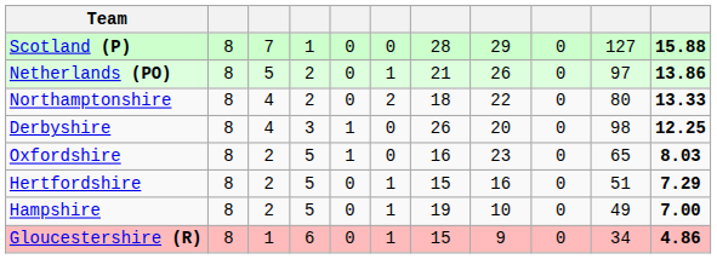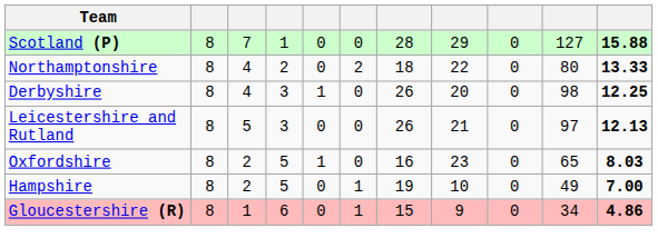 <table class="wikitable" style="text-align:center">
 <tr>
 <th width="150">Team</th>
 <th width="25"></th>
 <th width="25"></th>
 <th width="25"></th>
 <th width="25"></th>
 <th width="25"></th>
 <th width="40"></th>
 <th width="40"></th>
 <th width="40"></th>
 <th width="40"></th>
 <th width="40"></th>
 </tr>
 <tr style="background:#cfc;">
 <td style="text-align:left"><a href='#'>Scotland</a> <strong>(P)</strong></td>
 <td>8</td>
 <td>7</td>
 <td>1</td>
 <td>0</td>
 <td>0</td>
 <td>28</td>
 <td>29</td>
 <td>0</td>
 <td>127</td>
 <td><strong>15.88</strong></td>
-</tr>
-<tr style="background:#dfd;">
-<td style="text-align:left"><a href='#'>Netherlands</a> <strong>(PO)</strong></td>
-<td>8</td>
-<td>5</td>
-<td>2</td>
-<td>0</td>
-<td>1</td>
-<td>21</td>
-<td>26</td>
-<td>0</td>
-<td>97</td>
-<td><strong>13.86</strong></td>
 </tr>
 <tr>
 <td style="text-align:left"><a href='#'>Northamptonshire</a></td>
 <td>8</td>
 <td>4</td>
 <td>2</td>
 <td>0</td>
 <td>2</td>
 <td>18</td>
 <td>22</td>
 <td>0</td>
 <td>80</td>
 <td><strong>13.33</strong></td>
 </tr>
 <tr>
 <td style="text-align:left"><a href='#'>Derbyshire</a></td>
 <td>8</td>
 <td>4</td>
 <td>3</td>
 <td>1</td>
 <td>0</td>
 <td>26</td>
 <td>20</td>
 <td>0</td>
 <td>98</td>
 <td><strong>12.25</strong></td>
 </tr>
 <tr>
+<td style="text-align:left"><a href='#'>Leicestershire and Rutland</a></td>
+<td>8</td>
+<td>5</td>
+<td>3</td>
+<td>0</td>
+<td>0</td>
+<td>26</td>
+<td>21</td>
+<td>0</td>
+<td>97</td>
+<td><strong>12.13</strong></td>
+</tr>
+<tr>
 <td style="text-align:left"><a href='#'>Oxfordshire</a></td>
 <td>8</td>
 <td>2</td>
 <td>5</td>
 <td>1</td>
 <td>0</td>
 <td>16</td>
 <td>23</td>
 <td>0</td>
 <td>65</td>
 <td><strong>8.03</strong></td>
-</tr>
-<tr>
-<td style="text-align:left"><a href='#'>Hertfordshire</a></td>
-<td>8</td>
-<td>2</td>
-<td>5</td>
-<td>0</td>
-<td>1</td>
-<td>15</td>
-<td>16</td>
-<td>0</td>
-<td>51</td>
-<td><strong>7.29</strong></td>
 </tr>
 <tr>
 <td style="text-align:left"><a href='#'>Hampshire</a></td>
 <td>8</td>
 <td>2</td>
 <td>5</td>
 <td>0</td>
 <td>1</td>
 <td>19</td>
 <td>10</td>
 <td>0</td>
 <td>49</td>
 <td><strong>7.00</strong></td>
 </tr>
 <tr style="background:#FFBBBB">
 <td style="text-align:left"><a href='#'>Gloucestershire</a> <strong>(R)</strong></td>
 <td>8</td>
 <td>1</td>
 <td>6</td>
 <td>0</td>
 <td>1</td>
 <td>15</td>
 <td>9</td>
 <td>0</td>
 <td>34</td>
 <td><strong>4.86</strong></td>
 </tr>
 </table>
